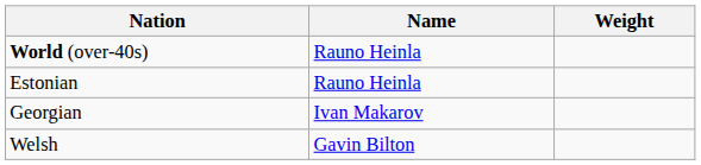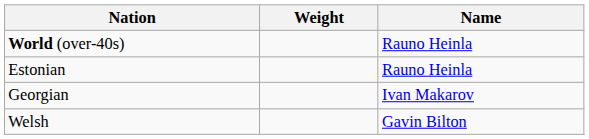 <table class="wikitable" style="display: inline-table;width: 45%;">
 <tr>
 <th>Nation</th>
+<th>Weight</th>
 <th>Name</th>
-<th>Weight</th>
 </tr>
 <tr>
 <td><strong>World</strong> (over-40s)</td>
+<td></td>
 <td><a href='#'>Rauno Heinla</a></td>
-<td></td>
 </tr>
 <tr>
 <td> Estonian</td>
+<td></td>
 <td><a href='#'>Rauno Heinla</a></td>
-<td></td>
 </tr>
 <tr>
 <td> Georgian</td>
+<td></td>
 <td><a href='#'>Ivan Makarov</a></td>
-<td></td>
 </tr>
 <tr>
 <td> Welsh</td>
+<td></td>
 <td><a href='#'>Gavin Bilton</a></td>
-<td></td>
 </tr>
 </table>
